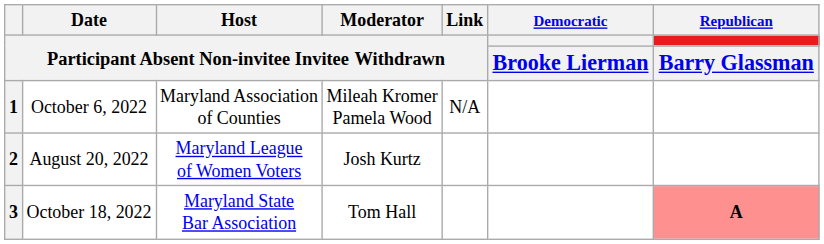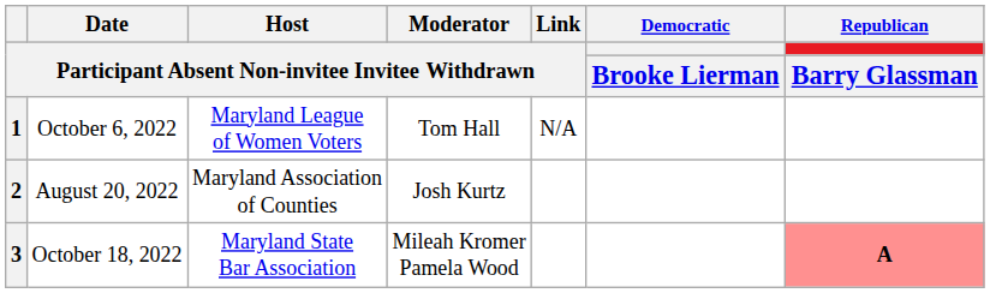 <table class="wikitable mw-collapsible" style="text-align:center;">
 <tr style="font-size:small;">
 <th scope="col"></th>
 <th scope="col">Date</th>
 <th scope="col">Host</th>
 <th scope="col">Moderator</th>
 <th scope="col">Link</th>
 <th scope="col"><small><a href='#'>Democratic</a></small></th>
 <th scope="col"><small><a href='#'>Republican</a></small></th>
 </tr>
 <tr>
 <th colspan="5" rowspan="2"> <small>Participant </small> <small>Absent </small> <small>Non-invitee </small> <small>Invitee</small>  <small>Withdrawn</small></th>
 <th scope="col" style="background:"></th>
 <th scope="col" style="background:#E81B23;"></th>
 </tr>
 <tr>
 <th scope="col"><a href='#'>Brooke Lierman</a></th>
 <th scope="col"><a href='#'>Barry Glassman</a></th>
 </tr>
 <tr style="background:#FFFFFF;font-size:small;">
 <th scope="row">1</th>
 <td style="white-space:nowrap;">October 6, 2022</td>
-<td style="white-space:nowrap;">Maryland Association<br>of Counties</td>
-<td style="white-space:nowrap;">Mileah Kromer<br>Pamela Wood</td>
+<td style="white-space:nowrap;"><a href='#'>Maryland League<br>of Women Voters</a></td>
+<td style="white-space:nowrap;">Tom Hall</td>
 <td style="white-space:nowrap;">N/A</td>
 <td></td>
 <td></td>
 </tr>
 <tr style="background:#FFFFFF;font-size:small;">
 <th scope="row">2</th>
 <td style="white-space:nowrap;">August 20, 2022</td>
-<td style="white-space:nowrap;"><a href='#'>Maryland League<br>of Women Voters</a></td>
+<td style="white-space:nowrap;">Maryland Association<br>of Counties</td>
 <td style="white-space:nowrap;">Josh Kurtz</td>
 <td style="white-space:nowrap;"></td>
 <td></td>
 <td></td>
 </tr>
 <tr style="background:#FFFFFF;font-size:small;">
 <th scope="row">3</th>
 <td style="white-space:nowrap;">October 18, 2022</td>
 <td style="white-space:nowrap;"><a href='#'>Maryland State<br>Bar Association</a></td>
-<td style="white-space:nowrap;">Tom Hall</td>
+<td style="white-space:nowrap;">Mileah Kromer<br>Pamela Wood</td>
 <td style="white-space:nowrap;"></td>
 <td></td>
 <td style="background:#ff9090; color:black; text-align:center;"><strong>A</strong></td>
 </tr>
 </table>
